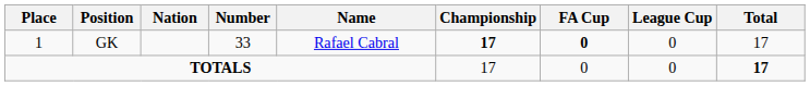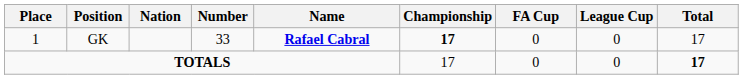 <table class="wikitable" style="font-size: 95%; text-align: center">
 <tr>
 <th width=60>Place</th>
 <th width=60>Position</th>
 <th width=60>Nation</th>
 <th width=60>Number</th>
 <th width=150>Name</th>
 <th width=80>Championship</th>
 <th width=80>FA Cup</th>
 <th width=80>League Cup</th>
 <th width=80><strong>Total</strong></th>
 </tr>
 <tr>
 <td>1</td>
 <td>GK</td>
 <td></td>
 <td>33</td>
-<td><a href='#'>Rafael Cabral</a></td>
+<td><strong><a href='#'>Rafael Cabral</a></strong></td>
 <td><strong>17</strong></td>
-<td><strong>0</strong></td>
+<td>0</td>
 <td>0</td>
 <td>17</td>
 </tr>
 <tr>
 <td colspan="5"><strong>TOTALS</strong></td>
 <td>17</td>
 <td>0</td>
 <td>0</td>
 <td><strong>17</strong></td>
 </tr>
 </table>
